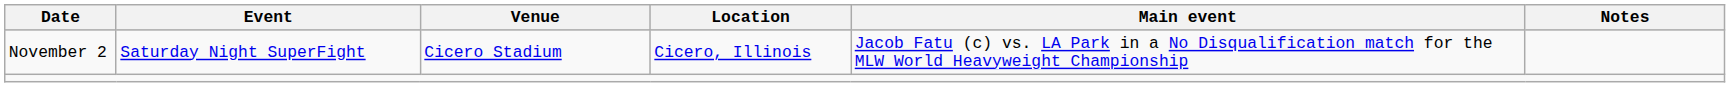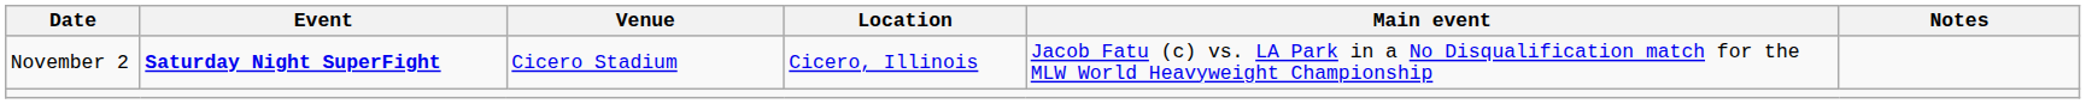 <table class="sortable wikitable succession-box" style="font-size:85%; font-size:85%">
 <tr>
 <th scope="col" width="70">Date</th>
 <th scope="col" width="200">Event</th>
 <th scope="col" width="150">Venue</th>
 <th scope="col" width="130">Location</th>
 <th scope="col" width="450">Main event</th>
 <th scope="col" width="130">Notes</th>
 </tr>
 <tr>
 <td>November 2</td>
-<td><a href='#'>Saturday Night SuperFight</a></td>
+<td><strong><a href='#'>Saturday Night SuperFight</a></strong></td>
 <td><a href='#'>Cicero Stadium</a></td>
 <td><a href='#'>Cicero, Illinois</a></td>
 <td><a href='#'>Jacob Fatu</a> (c) vs. <a href='#'>LA Park</a> in a <a href='#'>No Disqualification match</a> for the <a href='#'>MLW World Heavyweight Championship</a></td>
 <td></td>
 </tr>
 <tr>
 <td colspan="6"></td>
 </tr>
 </table>
